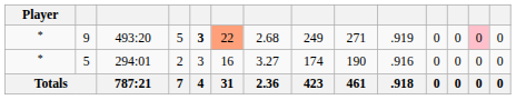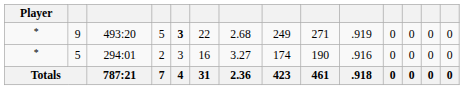 <table class="wikitable sortable" style="width:100%;">
 <tr style="text-align:center; background:#ddd;">
 <th>Player</th>
 <th></th>
 <th></th>
 <th></th>
 <th></th>
 <th></th>
 <th></th>
 <th></th>
 <th></th>
 <th></th>
 <th></th>
 <th></th>
 <th></th>
 <th></th>
 </tr>
 <tr align=center>
 <td style=white-space:nowrap><sup>*</sup></td>
 <td>9</td>
 <td>493:20</td>
 <td>5</td>
 <td><strong>3</strong></td>
-<td style="background: lightsalmon;">22</td>
+<td>22</td>
 <td>2.68</td>
 <td>249</td>
 <td>271</td>
 <td>.919</td>
 <td>0</td>
 <td>0</td>
-<td style="background: pink;">0</td>
+<td>0</td>
 <td>0</td>
 </tr>
 <tr align=center>
 <td style=white-space:nowrap><sup>*</sup></td>
 <td>5</td>
 <td>294:01</td>
 <td>2</td>
 <td>3</td>
 <td>16</td>
 <td>3.27</td>
 <td>174</td>
 <td>190</td>
 <td>.916</td>
 <td>0</td>
 <td>0</td>
 <td>0</td>
 <td>0</td>
 </tr>
 <tr class="unsortable">
 <th colspan=2>Totals</th>
 <th>787:21</th>
 <th>7</th>
 <th>4</th>
 <th>31</th>
 <th>2.36</th>
 <th>423</th>
 <th>461</th>
 <th>.918</th>
 <th>0</th>
 <th>0</th>
 <th>0</th>
 <th>0</th>
 </tr>
 </table>
